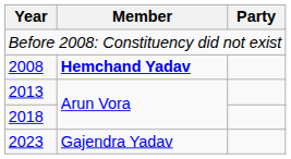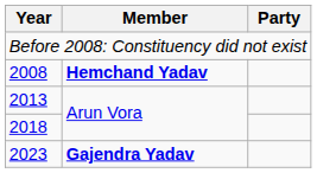 <table class="wikitable sortable">
 <tr>
 <th>Year</th>
 <th>Member</th>
 <th colspan="2">Party</th>
 </tr>
 <tr>
 <td colspan=4><em>Before 2008: Constituency did not exist</em></td>
 </tr>
 <tr>
 <td><a href='#'>2008</a></td>
 <td><strong><a href='#'>Hemchand Yadav</a></strong></td>
 <td></td>
 </tr>
 <tr>
 <td><a href='#'>2013</a></td>
 <td rowspan=2><a href='#'>Arun Vora</a></td>
 <td></td>
 </tr>
 <tr>
 <td><a href='#'>2018</a></td>
 </tr>
 <tr>
 <td><a href='#'>2023</a></td>
-<td><a href='#'>Gajendra Yadav</a></td>
+<td><strong><a href='#'>Gajendra Yadav</a></strong></td>
 <td></td>
 </tr>
 </table>
